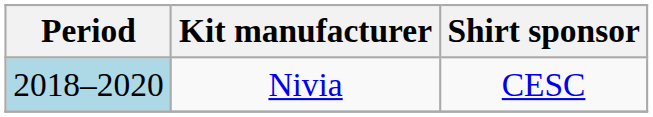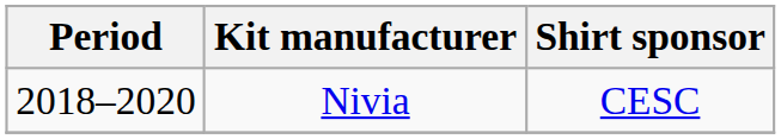 <table class="wikitable" style="text-align:center;margin-left:1em;float:center">
 <tr>
 <th>Period</th>
 <th>Kit manufacturer</th>
 <th>Shirt sponsor</th>
 </tr>
 <tr>
-<td style="background: lightblue;">2018–2020</td>
+<td>2018–2020</td>
 <td> <a href='#'>Nivia</a></td>
 <td><a href='#'>CESC</a></td>
 </tr>
 <tr>
 </tr>
 </table>
